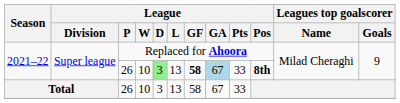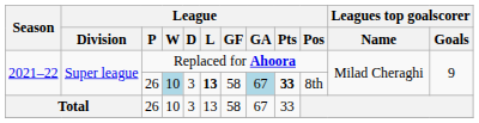 <table class="wikitable" style="text-align: center">
 <tr>
 <th rowspan=2>Season</th>
 <th colspan=10>League</th>
 <th colspan=2>Leagues top goalscorer</th>
 </tr>
 <tr>
 <th colspan=2>Division</th>
 <th>P</th>
 <th>W</th>
 <th>D</th>
 <th>L</th>
 <th>GF</th>
 <th>GA</th>
 <th>Pts</th>
 <th>Pos</th>
 <th>Name</th>
 <th>Goals</th>
 </tr>
 <tr>
 <td rowspan=2><a href='#'>2021–22</a></td>
 <td colspan=2 rowspan=2><a href='#'>Super league</a></td>
 <td colspan=8>Replaced for <strong><a href='#'>Ahoora</a></strong></td>
 <td rowspan=2>Milad Cheraghi</td>
 <td rowspan=2>9</td>
 </tr>
 <tr>
 <td>26</td>
-<td>10</td>
-<td style="background: lightgreen;">3</td>
-<td>13</td>
-<td><strong>58</strong></td>
+<td style="background: lightblue;">10</td>
+<td>3</td>
+<td><strong>13</strong></td>
+<td>58</td>
 <td style="background: lightblue;">67</td>
-<td>33</td>
-<td><strong>8th</strong></td>
+<td><strong>33</strong></td>
+<td>8th</td>
 </tr>
 <tr>
 <th colspan=3>Total</th>
 <td>26</td>
 <td>10</td>
 <td>3</td>
 <td>13</td>
 <td>58</td>
 <td>67</td>
 <td>33</td>
 <th colspan=5></th>
 </tr>
 <tr>
 </tr>
 </table>
